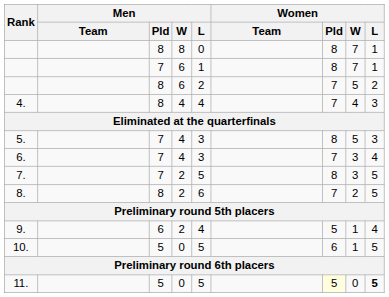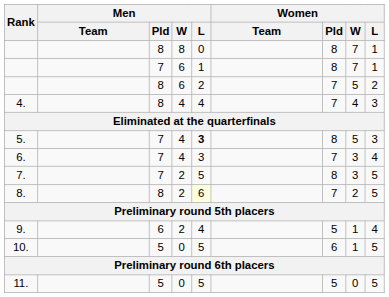 <table class=wikitable>
 <tr>
 <th rowspan=2>Rank</th>
 <th colspan=4>Men</th>
 <th colspan=4>Women</th>
 </tr>
 <tr>
 <th width=150px>Team</th>
 <th width=20px>Pld</th>
 <th width=20px>W</th>
 <th width=20px>L</th>
 <th width=150px>Team</th>
 <th width=20px>Pld</th>
 <th width=20px>W</th>
 <th width=20px>L</th>
 </tr>
 <tr align=center>
 <td></td>
 <td align=left></td>
 <td>8</td>
 <td>8</td>
 <td>0</td>
 <td align=left></td>
 <td>8</td>
 <td>7</td>
 <td>1</td>
 </tr>
 <tr align=center>
 <td></td>
 <td align=left></td>
 <td>7</td>
 <td>6</td>
 <td>1</td>
 <td align=left></td>
 <td>8</td>
 <td>7</td>
 <td>1</td>
 </tr>
 <tr align=center>
 <td></td>
 <td align=left></td>
 <td>8</td>
 <td>6</td>
 <td>2</td>
 <td align=left></td>
 <td>7</td>
 <td>5</td>
 <td>2</td>
 </tr>
 <tr align=center>
 <td>4.</td>
 <td align=left></td>
 <td>8</td>
 <td>4</td>
 <td>4</td>
 <td align=left></td>
 <td>7</td>
 <td>4</td>
 <td>3</td>
 </tr>
 <tr>
 <th colspan=9>Eliminated at the quarterfinals</th>
 </tr>
 <tr align=center>
 <td>5.</td>
 <td align=left></td>
 <td>7</td>
 <td>4</td>
-<td>3</td>
+<td><strong>3</strong></td>
 <td align=left></td>
 <td>8</td>
 <td>5</td>
 <td>3</td>
 </tr>
 <tr align=center>
 <td>6.</td>
 <td align=left></td>
 <td>7</td>
 <td>4</td>
 <td>3</td>
 <td align=left></td>
 <td>7</td>
 <td>3</td>
 <td>4</td>
 </tr>
 <tr align=center>
 <td>7.</td>
 <td align=left></td>
 <td>7</td>
 <td>2</td>
 <td>5</td>
 <td align=left></td>
 <td>8</td>
 <td>3</td>
 <td>5</td>
 </tr>
 <tr align=center>
 <td>8.</td>
 <td align=left></td>
 <td>8</td>
 <td>2</td>
-<td>6</td>
+<td style="background: lightyellow;">6</td>
 <td align=left></td>
 <td>7</td>
 <td>2</td>
 <td>5</td>
 </tr>
 <tr>
 <th colspan=9>Preliminary round 5th placers</th>
 </tr>
 <tr align=center>
 <td>9.</td>
 <td align=left></td>
 <td>6</td>
 <td>2</td>
 <td>4</td>
 <td align=left></td>
 <td>5</td>
 <td>1</td>
 <td>4</td>
 </tr>
 <tr align=center>
 <td>10.</td>
 <td align=left></td>
 <td>5</td>
 <td>0</td>
 <td>5</td>
 <td align=left></td>
 <td>6</td>
 <td>1</td>
 <td>5</td>
 </tr>
 <tr>
 <th colspan=9>Preliminary round 6th placers</th>
 </tr>
 <tr align=center>
 <td>11.</td>
 <td align=left></td>
 <td>5</td>
 <td>0</td>
 <td>5</td>
 <td align=left></td>
-<td style="background: lightyellow;">5</td>
+<td>5</td>
 <td>0</td>
-<td><strong>5</strong></td>
+<td>5</td>
 </tr>
 </table>
